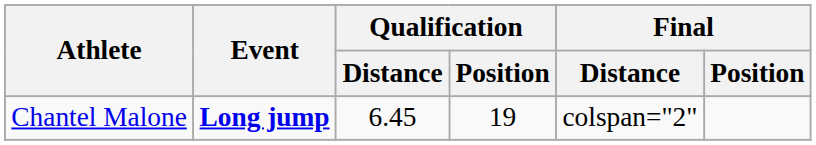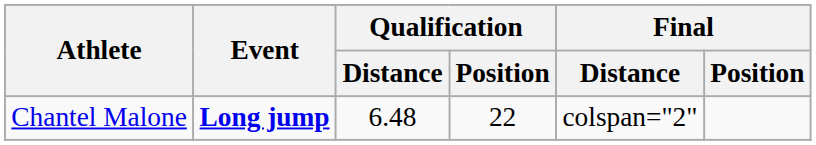 <table class="wikitable" style="font-size:90%">
 <tr>
 <th rowspan="2">Athlete</th>
 <th rowspan="2">Event</th>
 <th colspan="2">Qualification</th>
 <th colspan="2">Final</th>
 </tr>
 <tr>
 <th>Distance</th>
 <th>Position</th>
 <th>Distance</th>
 <th>Position</th>
 </tr>
 <tr style=text-align:center>
 <td style=text-align:left><a href='#'>Chantel Malone</a></td>
 <td style=text-align:left><strong><a href='#'>Long jump</a></strong></td>
-<td>6.45</td>
-<td>19</td>
+<td>6.48</td>
+<td>22</td>
 <td>colspan="2" </td>
 </tr>
 </table>
